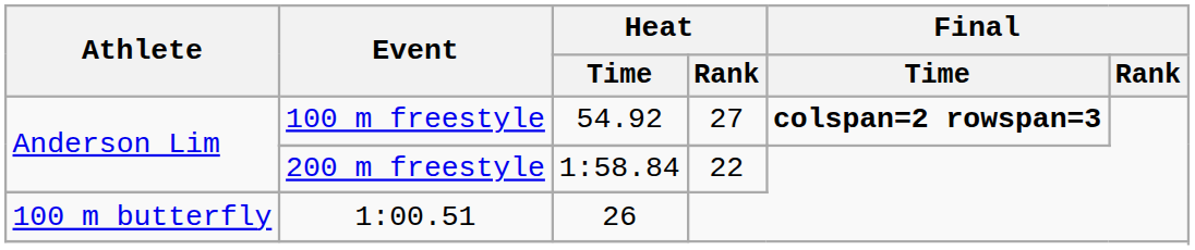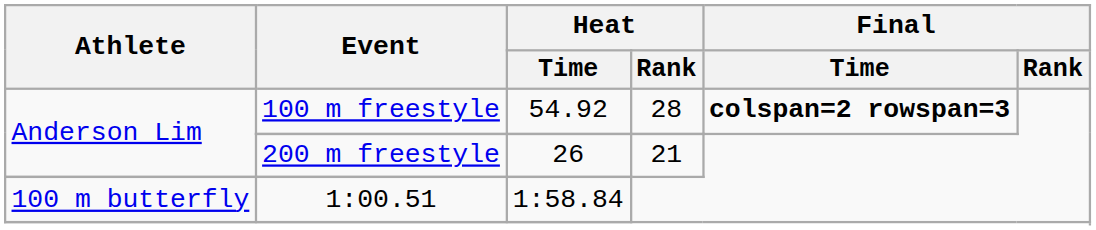 <table class=wikitable style="font-size:90%">
 <tr>
 <th rowspan="2">Athlete</th>
 <th rowspan="2">Event</th>
 <th colspan="2">Heat</th>
 <th colspan="2">Final</th>
 </tr>
 <tr style="font-size:95%">
 <th>Time</th>
 <th>Rank</th>
 <th>Time</th>
 <th>Rank</th>
 </tr>
 <tr align=center>
 <td align=left rowspan=3><a href='#'>Anderson Lim</a></td>
 <td align=left><a href='#'>100 m freestyle</a></td>
 <td>54.92</td>
-<td>27</td>
+<td>28</td>
 <td><strong>colspan=2 rowspan=3 </strong></td>
 </tr>
 <tr>
 </tr>
 <tr align=center>
 <td align=left><a href='#'>200 m freestyle</a></td>
-<td>1:58.84</td>
-<td>22</td>
+<td>26</td>
+<td>21</td>
 </tr>
 <tr>
 </tr>
 <tr align=center>
 <td align=left><a href='#'>100 m butterfly</a></td>
 <td>1:00.51</td>
-<td>26</td>
+<td>1:58.84</td>
 </tr>
 <tr>
 </tr>
 </table>
